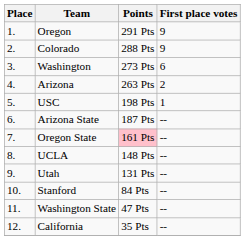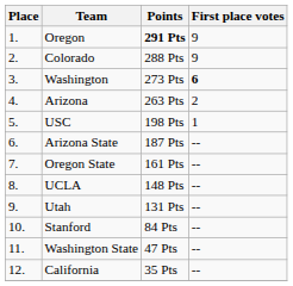 <table class="wikitable">
 <tr>
 <th>Place</th>
 <th>Team</th>
 <th>Points</th>
 <th>First place votes</th>
 </tr>
 <tr>
 <td>1.</td>
 <td ! style=>Oregon</td>
-<td>291 Pts</td>
+<td><strong>291 Pts</strong></td>
 <td>9</td>
 </tr>
 <tr>
 <td>2.</td>
 <td ! style=>Colorado</td>
 <td>288 Pts</td>
 <td>9</td>
 </tr>
 <tr>
 <td>3.</td>
 <td ! style=>Washington</td>
 <td>273 Pts</td>
-<td>6</td>
+<td><strong>6</strong></td>
 </tr>
 <tr>
 <td>4.</td>
 <td ! style=>Arizona</td>
 <td>263 Pts</td>
 <td>2</td>
 </tr>
 <tr>
 <td>5.</td>
 <td ! style=>USC</td>
 <td>198 Pts</td>
 <td>1</td>
 </tr>
 <tr>
 <td>6.</td>
 <td ! style=>Arizona State</td>
 <td>187 Pts</td>
 <td>--</td>
 </tr>
 <tr>
 <td>7.</td>
 <td ! style=>Oregon State</td>
-<td style="background: pink;">161 Pts</td>
+<td>161 Pts</td>
 <td>--</td>
 </tr>
 <tr>
 <td>8.</td>
 <td ! style=>UCLA</td>
 <td>148 Pts</td>
 <td>--</td>
 </tr>
 <tr>
 <td>9.</td>
 <td ! style=>Utah</td>
 <td>131 Pts</td>
 <td>--</td>
 </tr>
 <tr>
 <td>10.</td>
 <td ! style=>Stanford</td>
 <td>84 Pts</td>
 <td>--</td>
 </tr>
 <tr>
 <td>11.</td>
 <td ! style=>Washington State</td>
 <td>47 Pts</td>
 <td>--</td>
 </tr>
 <tr>
 <td>12.</td>
 <td ! style=>California</td>
 <td>35 Pts</td>
 <td>--</td>
 </tr>
 <tr>
 </tr>
 </table>
